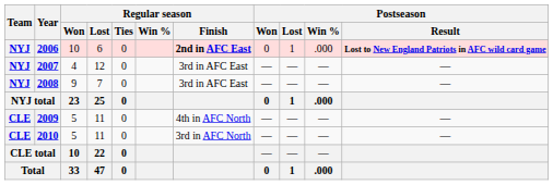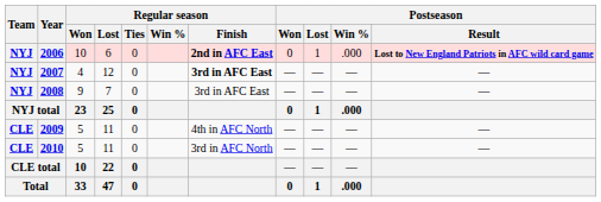 <table class="wikitable" style="font-size: 95%; text-align:center;">
 <tr>
 <th rowspan="2">Team</th>
 <th rowspan="2">Year</th>
 <th colspan="5">Regular season</th>
 <th colspan="4">Postseason</th>
 </tr>
 <tr>
 <th>Won</th>
 <th>Lost</th>
 <th>Ties</th>
 <th>Win %</th>
 <th>Finish</th>
 <th>Won</th>
 <th>Lost</th>
 <th>Win %</th>
 <th>Result</th>
 </tr>
 <tr style="background:#fdd;">
 <th><a href='#'>NYJ</a></th>
 <th><a href='#'>2006</a></th>
 <td>10</td>
 <td>6</td>
 <td>0</td>
 <td></td>
 <td><strong>2nd in <a href='#'>AFC East</a></strong></td>
 <td>0</td>
 <td>1</td>
 <td>.000</td>
 <td><small><strong>Lost to <a href='#'>New England Patriots</a> in <a href='#'>AFC wild card game</a></strong></small></td>
 </tr>
 <tr>
 <th><a href='#'>NYJ</a></th>
 <th><a href='#'>2007</a></th>
 <td>4</td>
 <td>12</td>
 <td>0</td>
 <td></td>
-<td>3rd in AFC East</td>
+<td><strong>3rd in AFC East</strong></td>
 <td>—</td>
 <td>—</td>
 <td>—</td>
 <td>—</td>
 </tr>
 <tr>
 <th><a href='#'>NYJ</a></th>
 <th><a href='#'>2008</a></th>
 <td>9</td>
 <td>7</td>
 <td>0</td>
 <td></td>
 <td>3rd in AFC East</td>
 <td>—</td>
 <td>—</td>
 <td>—</td>
 <td>—</td>
 </tr>
 <tr>
 <th colspan="2">NYJ total</th>
 <th>23</th>
 <th>25</th>
 <th>0</th>
 <th></th>
 <th></th>
 <th>0</th>
 <th>1</th>
 <th>.000</th>
 <th></th>
 </tr>
 <tr>
 <th><a href='#'>CLE</a></th>
 <th><a href='#'>2009</a></th>
 <td>5</td>
 <td>11</td>
 <td>0</td>
 <td></td>
 <td>4th in <a href='#'>AFC North</a></td>
 <td>—</td>
 <td>—</td>
 <td>—</td>
 <td>—</td>
 </tr>
 <tr>
 <th><a href='#'>CLE</a></th>
 <th><a href='#'>2010</a></th>
 <td>5</td>
 <td>11</td>
 <td>0</td>
 <td></td>
 <td>3rd in <a href='#'>AFC North</a></td>
 <td>—</td>
 <td>—</td>
 <td>—</td>
 <td>—</td>
 </tr>
 <tr>
 <th colspan="2">CLE total</th>
 <th>10</th>
 <th>22</th>
 <th>0</th>
 <th></th>
 <th></th>
 <th>—</th>
 <th>—</th>
 <th>—</th>
 <th></th>
 </tr>
 <tr>
 <th colspan="2">Total</th>
 <th>33</th>
 <th>47</th>
 <th>0</th>
 <th></th>
 <th></th>
 <th>0</th>
 <th>1</th>
 <th>.000</th>
 <th></th>
 </tr>
 </table>
